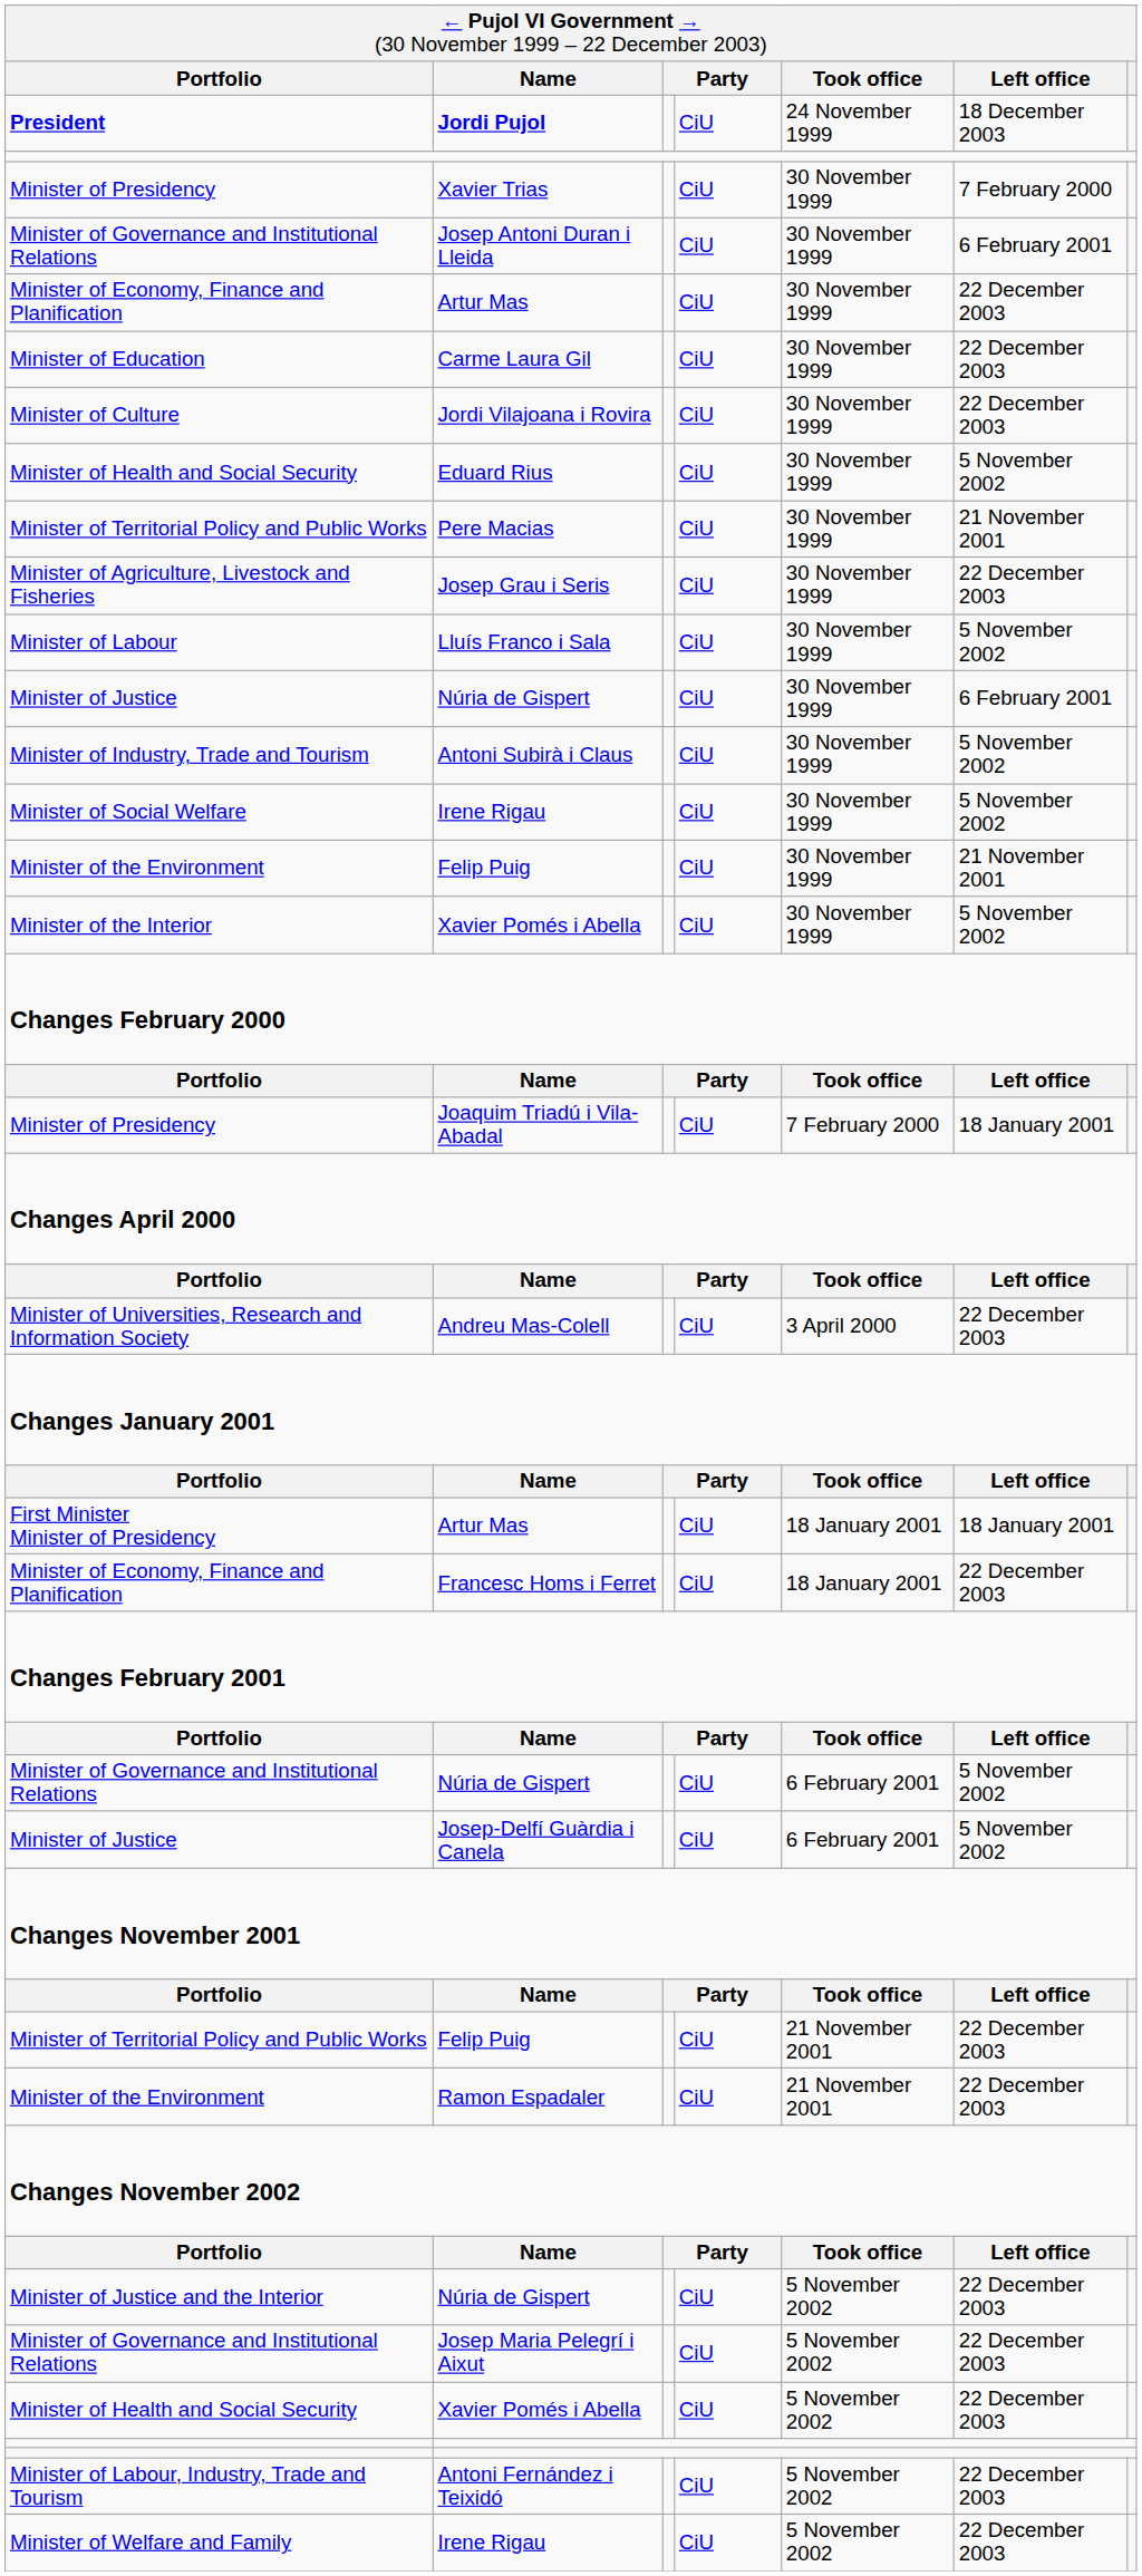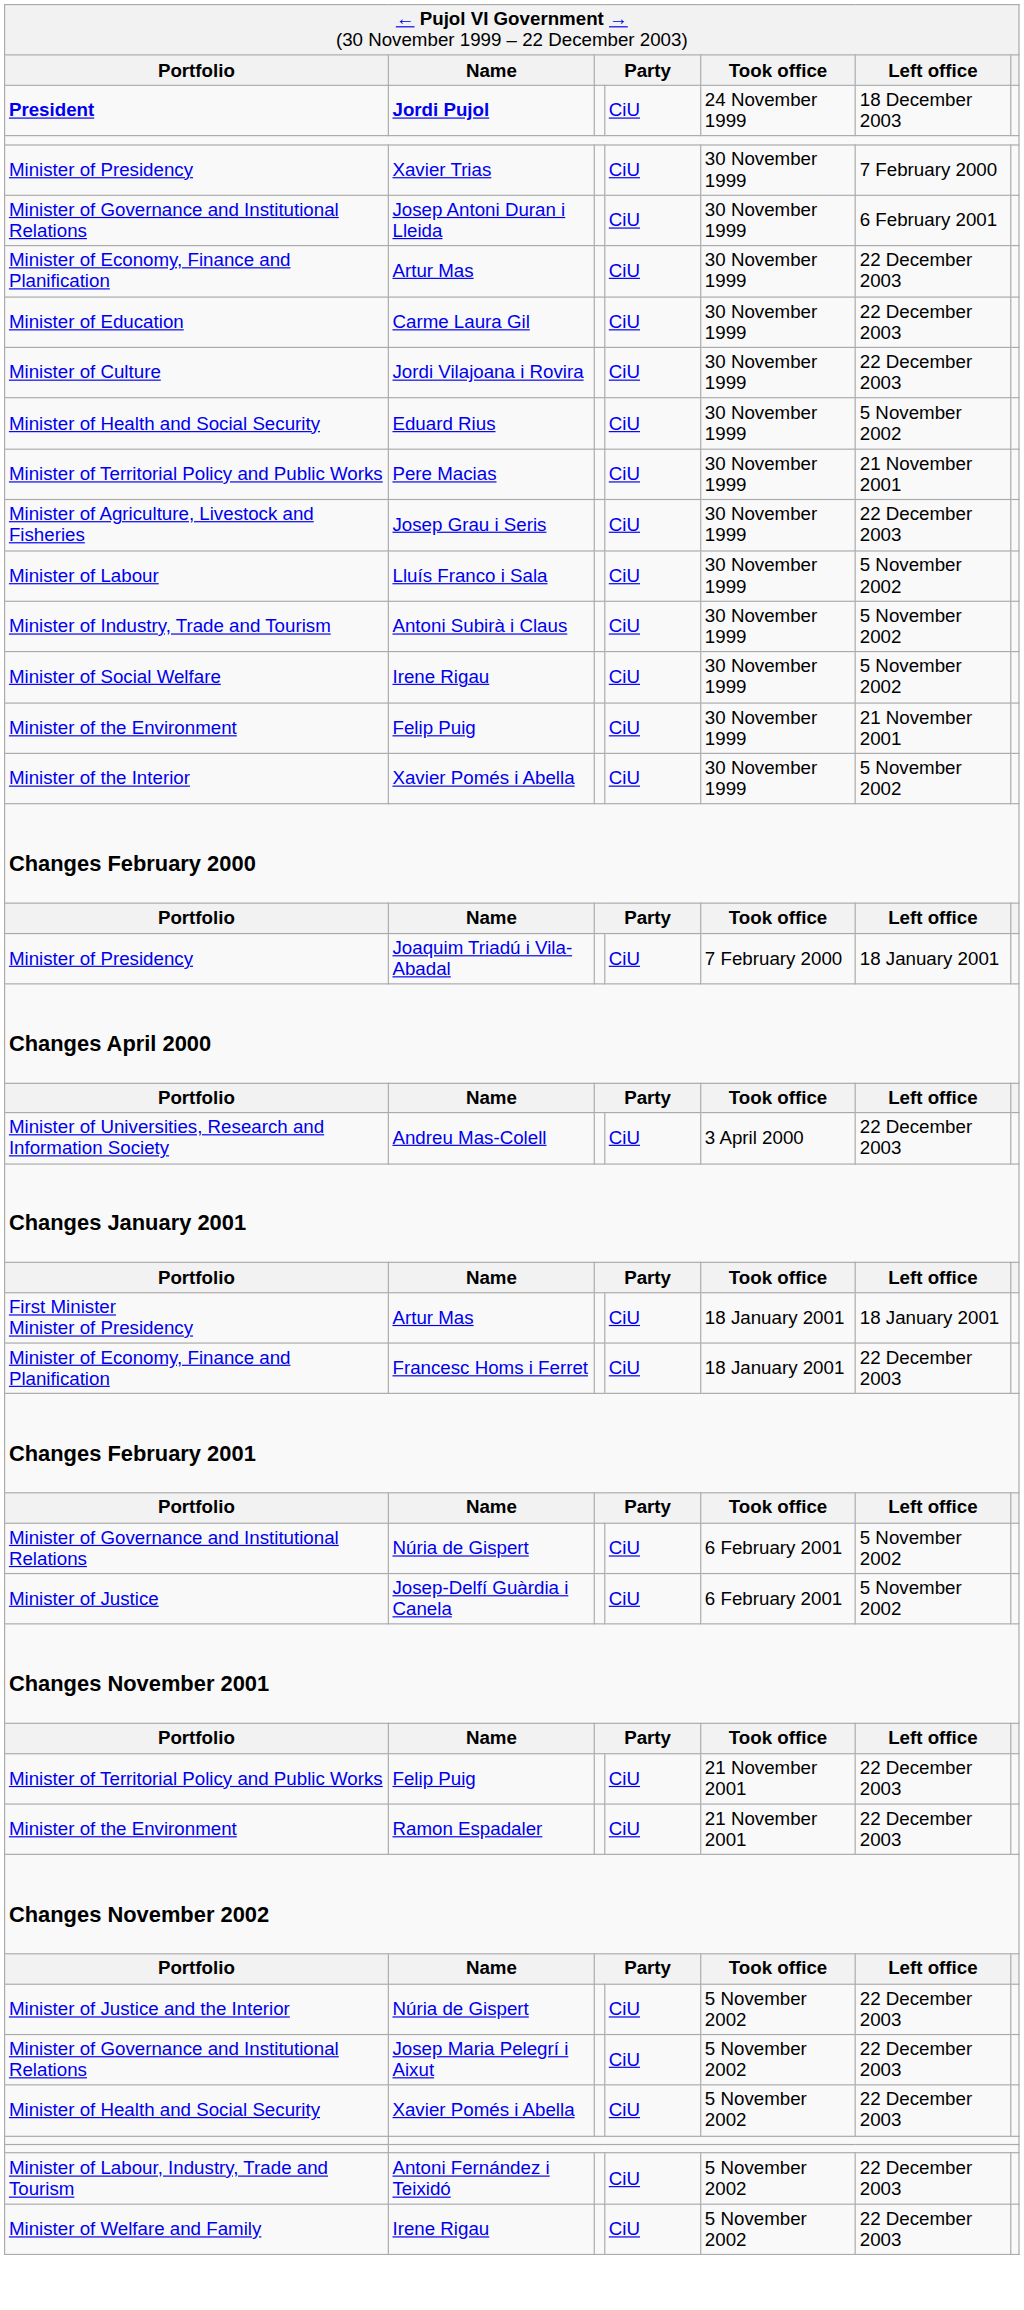 <table class="wikitable">
 <tr>
 <td colspan="7" bgcolor="#F2F2F2" align="center"><a href='#'>←</a> <strong>Pujol VI Government</strong> <a href='#'>→</a><br>(30 November 1999 – 22 December 2003)</td>
 </tr>
 <tr>
 <th>Portfolio</th>
 <th>Name</th>
 <th width="100px" colspan="2">Party</th>
 <th width="125px">Took office</th>
 <th width="125px">Left office</th>
 <th></th>
 </tr>
 <tr>
 <td><strong><a href='#'>President</a></strong></td>
 <td><strong><a href='#'>Jordi Pujol</a></strong></td>
 <td width="1" style="background-color:"></td>
 <td><a href='#'>CiU</a> </td>
 <td>24 November 1999</td>
 <td>18 December 2003</td>
 <td align="center"></td>
 </tr>
 <tr>
 <td colspan="7"></td>
 </tr>
 <tr>
 <td><a href='#'>Minister of Presidency</a></td>
 <td><a href='#'>Xavier Trias</a></td>
 <td style="background-color:"></td>
 <td><a href='#'>CiU</a> </td>
 <td>30 November 1999</td>
 <td>7 February 2000</td>
 <td align="center"></td>
 </tr>
 <tr>
 <td><a href='#'>Minister of Governance and Institutional Relations</a></td>
 <td><a href='#'>Josep Antoni Duran i Lleida</a></td>
 <td style="background-color:"></td>
 <td><a href='#'>CiU</a> </td>
 <td>30 November 1999</td>
 <td>6 February 2001</td>
 <td align="center"></td>
 </tr>
 <tr>
 <td><a href='#'>Minister of Economy, Finance and Planification</a></td>
 <td><a href='#'>Artur Mas</a></td>
 <td style="background-color:"></td>
 <td><a href='#'>CiU</a> </td>
 <td>30 November 1999</td>
 <td>22 December 2003</td>
 <td align="center"></td>
 </tr>
 <tr>
 <td><a href='#'>Minister of Education</a></td>
 <td><a href='#'>Carme Laura Gil</a></td>
 <td style="background-color:"></td>
 <td><a href='#'>CiU</a> </td>
 <td>30 November 1999</td>
 <td>22 December 2003</td>
 <td align="center"></td>
 </tr>
 <tr>
 <td><a href='#'>Minister of Culture</a></td>
 <td><a href='#'>Jordi Vilajoana i Rovira</a></td>
 <td style="background-color:"></td>
 <td><a href='#'>CiU</a> </td>
 <td>30 November 1999</td>
 <td>22 December 2003</td>
 <td align="center"></td>
 </tr>
 <tr>
 <td><a href='#'>Minister of Health and Social Security</a></td>
 <td><a href='#'>Eduard Rius</a></td>
 <td style="background-color:"></td>
 <td><a href='#'>CiU</a> </td>
 <td>30 November 1999</td>
 <td>5 November 2002</td>
 <td align="center"></td>
 </tr>
 <tr>
 <td><a href='#'>Minister of Territorial Policy and Public Works</a></td>
 <td><a href='#'>Pere Macias</a></td>
 <td style="background-color:"></td>
 <td><a href='#'>CiU</a> </td>
 <td>30 November 1999</td>
 <td>21 November 2001</td>
 <td align="center"></td>
 </tr>
 <tr>
 <td><a href='#'>Minister of Agriculture, Livestock and Fisheries</a></td>
 <td><a href='#'>Josep Grau i Seris</a></td>
 <td style="background-color:"></td>
 <td><a href='#'>CiU</a> </td>
 <td>30 November 1999</td>
 <td>22 December 2003</td>
 <td align="center"></td>
 </tr>
 <tr>
 <td><a href='#'>Minister of Labour</a></td>
 <td><a href='#'>Lluís Franco i Sala</a></td>
 <td style="background-color:"></td>
 <td><a href='#'>CiU</a> </td>
 <td>30 November 1999</td>
 <td>5 November 2002</td>
-<td align="center"></td>
-</tr>
-<tr>
-<td><a href='#'>Minister of Justice</a></td>
-<td><a href='#'>Núria de Gispert</a></td>
-<td style="background-color:"></td>
-<td><a href='#'>CiU</a> </td>
-<td>30 November 1999</td>
-<td>6 February 2001</td>
 <td align="center"></td>
 </tr>
 <tr>
 <td><a href='#'>Minister of Industry, Trade and Tourism</a></td>
 <td><a href='#'>Antoni Subirà i Claus</a></td>
 <td style="background-color:"></td>
 <td><a href='#'>CiU</a> </td>
 <td>30 November 1999</td>
 <td>5 November 2002</td>
 <td align="center"></td>
 </tr>
 <tr>
 <td><a href='#'>Minister of Social Welfare</a></td>
 <td><a href='#'>Irene Rigau</a></td>
 <td style="background-color:"></td>
 <td><a href='#'>CiU</a> </td>
 <td>30 November 1999</td>
 <td>5 November 2002</td>
 <td align="center"></td>
 </tr>
 <tr>
 <td><a href='#'>Minister of the Environment</a></td>
 <td><a href='#'>Felip Puig</a></td>
 <td style="background-color:"></td>
 <td><a href='#'>CiU</a> </td>
 <td>30 November 1999</td>
 <td>21 November 2001</td>
 <td align="center"></td>
 </tr>
 <tr>
 <td><a href='#'>Minister of the Interior</a></td>
 <td><a href='#'>Xavier Pomés i Abella</a></td>
 <td style="background-color:"></td>
 <td><a href='#'>CiU</a> </td>
 <td>30 November 1999</td>
 <td>5 November 2002</td>
 <td align="center"></td>
 </tr>
 <tr>
 <td colspan="7"><br><h3>Changes February 2000</h3></td>
 </tr>
 <tr>
 <th>Portfolio</th>
 <th>Name</th>
 <th colspan="2">Party</th>
 <th>Took office</th>
 <th>Left office</th>
 <th></th>
 </tr>
 <tr>
 <td><a href='#'>Minister of Presidency</a></td>
 <td><a href='#'>Joaquim Triadú i Vila-Abadal</a></td>
 <td style="background-color:"></td>
 <td><a href='#'>CiU</a> </td>
 <td>7 February 2000</td>
 <td>18 January 2001</td>
 <td align="center"></td>
 </tr>
 <tr>
 <td colspan="7"><br><h3>Changes April 2000</h3></td>
 </tr>
 <tr>
 <th>Portfolio</th>
 <th>Name</th>
 <th colspan="2">Party</th>
 <th>Took office</th>
 <th>Left office</th>
 <th></th>
 </tr>
 <tr>
 <td><a href='#'>Minister of Universities, Research and Information Society</a></td>
 <td><a href='#'>Andreu Mas-Colell</a></td>
 <td style="background-color:"></td>
 <td><a href='#'>CiU</a> </td>
 <td>3 April 2000</td>
 <td>22 December 2003</td>
 <td align="center"></td>
 </tr>
 <tr>
 <td colspan="7"><br><h3>Changes January 2001</h3></td>
 </tr>
 <tr>
 <th>Portfolio</th>
 <th>Name</th>
 <th colspan="2">Party</th>
 <th>Took office</th>
 <th>Left office</th>
 <th></th>
 </tr>
 <tr>
 <td><a href='#'>First Minister</a><br><a href='#'>Minister of Presidency</a></td>
 <td><a href='#'>Artur Mas</a></td>
 <td style="background-color:"></td>
 <td><a href='#'>CiU</a> </td>
 <td>18 January 2001</td>
 <td>18 January 2001</td>
 <td align="center"></td>
 </tr>
 <tr>
 <td><a href='#'>Minister of Economy, Finance and Planification</a></td>
 <td><a href='#'>Francesc Homs i Ferret</a></td>
 <td style="background-color:"></td>
 <td><a href='#'>CiU</a> </td>
 <td>18 January 2001</td>
 <td>22 December 2003</td>
 <td align="center"></td>
 </tr>
 <tr>
 <td colspan="7"><br><h3>Changes February 2001</h3></td>
 </tr>
 <tr>
 <th>Portfolio</th>
 <th>Name</th>
 <th colspan="2">Party</th>
 <th>Took office</th>
 <th>Left office</th>
 <th></th>
 </tr>
 <tr>
 <td><a href='#'>Minister of Governance and Institutional Relations</a></td>
 <td><a href='#'>Núria de Gispert</a></td>
 <td style="background-color:"></td>
 <td><a href='#'>CiU</a> </td>
 <td>6 February 2001</td>
 <td>5 November 2002</td>
 <td align="center"></td>
 </tr>
 <tr>
 <td><a href='#'>Minister of Justice</a></td>
 <td><a href='#'>Josep-Delfí Guàrdia i Canela</a></td>
 <td style="background-color:"></td>
 <td><a href='#'>CiU</a> </td>
 <td>6 February 2001</td>
 <td>5 November 2002</td>
 <td align="center"></td>
 </tr>
 <tr>
 <td colspan="7"><br><h3>Changes November 2001</h3></td>
 </tr>
 <tr>
 <th>Portfolio</th>
 <th>Name</th>
 <th colspan="2">Party</th>
 <th>Took office</th>
 <th>Left office</th>
 <th></th>
 </tr>
 <tr>
 <td><a href='#'>Minister of Territorial Policy and Public Works</a></td>
 <td><a href='#'>Felip Puig</a></td>
 <td style="background-color:"></td>
 <td><a href='#'>CiU</a> </td>
 <td>21 November 2001</td>
 <td>22 December 2003</td>
 <td align="center"></td>
 </tr>
 <tr>
 <td><a href='#'>Minister of the Environment</a></td>
 <td><a href='#'>Ramon Espadaler</a></td>
 <td style="background-color:"></td>
 <td><a href='#'>CiU</a> </td>
 <td>21 November 2001</td>
 <td>22 December 2003</td>
 <td align="center"></td>
 </tr>
 <tr>
 <td colspan="7"><br><h3>Changes November 2002</h3></td>
 </tr>
 <tr>
 <th>Portfolio</th>
 <th>Name</th>
 <th colspan="2">Party</th>
 <th>Took office</th>
 <th>Left office</th>
 <th></th>
 </tr>
 <tr>
 <td><a href='#'>Minister of Justice and the Interior</a></td>
 <td><a href='#'>Núria de Gispert</a></td>
 <td style="background-color:"></td>
 <td><a href='#'>CiU</a> </td>
 <td>5 November 2002</td>
 <td>22 December 2003</td>
 <td align="center"></td>
 </tr>
 <tr>
 <td><a href='#'>Minister of Governance and Institutional Relations</a></td>
 <td><a href='#'>Josep Maria Pelegrí i Aixut</a></td>
 <td style="background-color:"></td>
 <td><a href='#'>CiU</a> </td>
 <td>5 November 2002</td>
 <td>22 December 2003</td>
 <td align="center"></td>
 </tr>
 <tr>
 <td><a href='#'>Minister of Health and Social Security</a></td>
 <td><a href='#'>Xavier Pomés i Abella</a></td>
 <td style="background-color:"></td>
 <td><a href='#'>CiU</a> </td>
 <td>5 November 2002</td>
 <td>22 December 2003</td>
 <td align="center"></td>
 </tr>
 <tr>
 <td></td>
 <td colspan="6"></td>
 </tr>
 <tr>
 <td></td>
 <td colspan="6"></td>
 </tr>
 <tr>
 <td><a href='#'>Minister of Labour, Industry, Trade and Tourism</a></td>
 <td><a href='#'>Antoni Fernández i Teixidó</a></td>
 <td style="background-color:"></td>
 <td><a href='#'>CiU</a> </td>
 <td>5 November 2002</td>
 <td>22 December 2003</td>
 <td align="center"></td>
 </tr>
 <tr>
 <td><a href='#'>Minister of Welfare and Family</a></td>
 <td><a href='#'>Irene Rigau</a></td>
 <td style="background-color:"></td>
 <td><a href='#'>CiU</a> </td>
 <td>5 November 2002</td>
 <td>22 December 2003</td>
 <td align="center"></td>
 </tr>
 </table>
